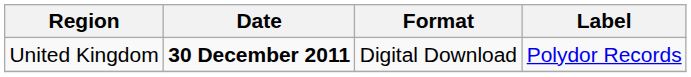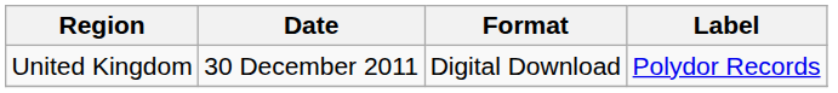 <table class=wikitable>
 <tr>
 <th>Region</th>
 <th>Date</th>
 <th>Format</th>
 <th>Label</th>
 </tr>
 <tr>
 <td>United Kingdom</td>
-<td><strong>30 December 2011</strong></td>
+<td>30 December 2011</td>
 <td>Digital Download</td>
 <td><a href='#'>Polydor Records</a></td>
 </tr>
 <tr>
 </tr>
 </table>
